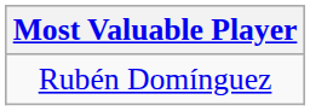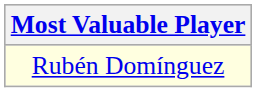 <table class=wikitable style="text-align:center">
 <tr>
 <th><a href='#'>Most Valuable Player</a></th>
 </tr>
 <tr>
-<td> <a href='#'>Rubén Domínguez</a></td>
+<td style="background: lightyellow;"> <a href='#'>Rubén Domínguez</a></td>
 </tr>
 </table>
